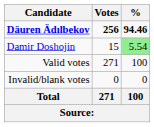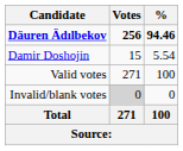 <table class="wikitable" style="text-align:right">
 <tr>
 <th>Candidate</th>
 <th>Votes</th>
 <th>%</th>
 </tr>
 <tr>
 <td align="left"><strong><a href='#'>Däuren Ädılbekov</a></strong></td>
 <td><strong>256</strong></td>
 <td><strong>94.46</strong></td>
 </tr>
 <tr>
 <td align="left"><a href='#'>Damir Doshojin</a></td>
 <td>15</td>
-<td style="background: lightgreen;">5.54</td>
+<td>5.54</td>
 </tr>
 <tr>
 <td>Valid votes</td>
 <td>271</td>
 <td>100</td>
 </tr>
 <tr>
 <td>Invalid/blank votes</td>
-<td>0</td>
+<td style="background: lightgrey;">0</td>
 <td>0</td>
 </tr>
 <tr>
 <th>Total</th>
 <th>271</th>
 <th>100</th>
 </tr>
 <tr>
 <th colspan="3">Source: </th>
 </tr>
 </table>
